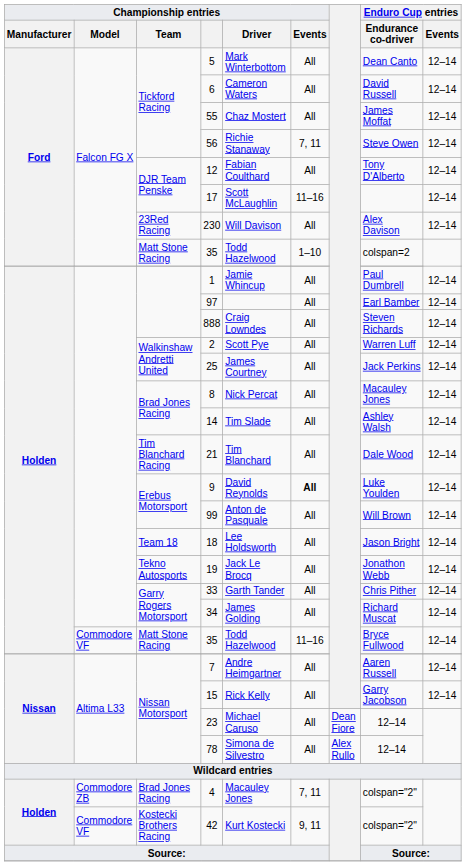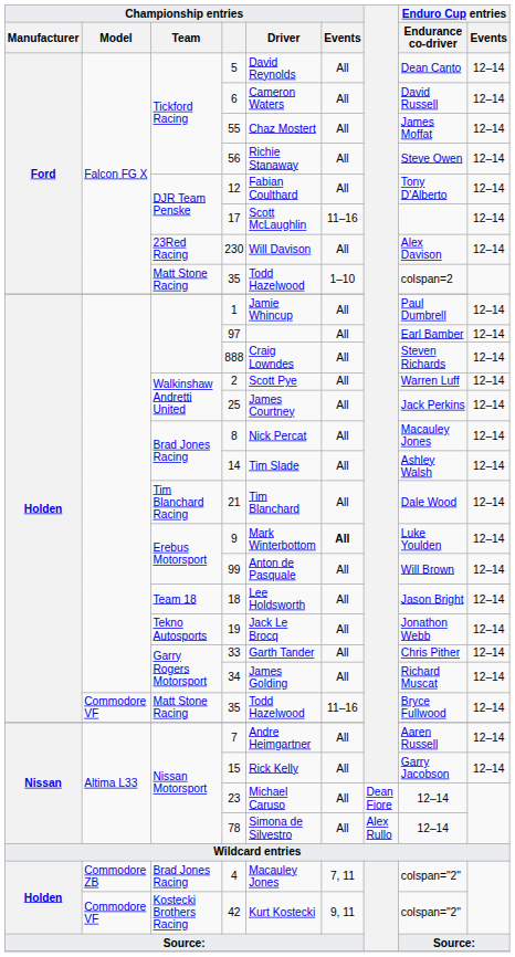 <table class="wikitable" style="font-size: 85%">
 <tr>
 <td style="background:#eaecf0; text-align:center;" colspan="6"><strong>Championship entries</strong></td>
 <th rowspan="29"></th>
 <th colspan="2"><a href='#'>Enduro Cup</a> entries</th>
 </tr>
 <tr>
 <th>Manufacturer</th>
 <th>Model</th>
 <th>Team</th>
 <th valign="middle"></th>
 <th>Driver</th>
 <th>Events</th>
 <th>Endurance co-driver</th>
 <th>Events</th>
 </tr>
 <tr>
 <th rowspan="8"><a href='#'>Ford</a></th>
 <td rowspan="8"><a href='#'>Falcon FG X</a></td>
 <td rowspan="4"><a href='#'>Tickford Racing</a></td>
 <td align="center">5</td>
-<td> <a href='#'>Mark Winterbottom</a></td>
+<td> <a href='#'>David Reynolds</a></td>
 <td align=center>All</td>
 <td> <a href='#'>Dean Canto</a></td>
 <td align=center>12–14</td>
 </tr>
 <tr>
 <td align="center">6</td>
 <td> <a href='#'>Cameron Waters</a></td>
 <td align=center>All</td>
 <td> <a href='#'>David Russell</a></td>
 <td align=center>12–14</td>
 </tr>
 <tr>
 <td align="center">55</td>
 <td> <a href='#'>Chaz Mostert</a></td>
 <td align=center>All</td>
 <td> <a href='#'>James Moffat</a></td>
 <td align=center>12–14</td>
 </tr>
 <tr>
 <td align="center">56</td>
 <td> <a href='#'>Richie Stanaway</a></td>
-<td align="center">7, 11</td>
+<td align=center>All</td>
 <td> <a href='#'>Steve Owen</a></td>
 <td align=center>12–14</td>
 </tr>
 <tr>
 <td rowspan="2"><a href='#'>DJR Team Penske</a></td>
 <td align="center">12</td>
 <td> <a href='#'>Fabian Coulthard</a></td>
 <td align=center>All</td>
 <td> <a href='#'>Tony D'Alberto</a></td>
 <td align=center>12–14</td>
 </tr>
 <tr>
 <td align="center">17</td>
 <td> <a href='#'>Scott McLaughlin</a></td>
 <td align=center>11–16</td>
 <td></td>
 <td align=center>12–14</td>
 </tr>
 <tr>
 <td><a href='#'>23Red Racing</a></td>
 <td align=center>230</td>
 <td> <a href='#'>Will Davison</a></td>
 <td align=center>All</td>
 <td> <a href='#'>Alex Davison</a></td>
 <td align=center>12–14</td>
 </tr>
 <tr>
 <td rowspan="1"><a href='#'>Matt Stone Racing</a></td>
 <td rowspan="1" align="center" id="35">35</td>
 <td rowspan="1"> <a href='#'>Todd Hazelwood</a></td>
 <td align=center>1–10</td>
 <td>colspan=2 </td>
 </tr>
 <tr>
 </tr>
 <tr>
 <th rowspan="15"><a href='#'>Holden</a></th>
 <td rowspan="14"></td>
 <td rowspan="3"></td>
 <td align="center">1</td>
 <td> <a href='#'>Jamie Whincup</a></td>
 <td align=center>All</td>
 <td> <a href='#'>Paul Dumbrell</a></td>
 <td align=center>12–14</td>
 </tr>
 <tr>
 <td align="center">97</td>
 <td></td>
 <td align=center>All</td>
 <td> <a href='#'>Earl Bamber</a></td>
 <td align=center>12–14</td>
 </tr>
 <tr>
 <td align="center">888</td>
 <td> <a href='#'>Craig Lowndes</a></td>
 <td align=center>All</td>
 <td> <a href='#'>Steven Richards</a></td>
 <td align=center>12–14</td>
 </tr>
 <tr>
 <td rowspan="2"><a href='#'>Walkinshaw Andretti United</a></td>
 <td align="center">2</td>
 <td> <a href='#'>Scott Pye</a></td>
 <td align=center>All</td>
 <td> <a href='#'>Warren Luff</a></td>
 <td align=center>12–14</td>
 </tr>
 <tr>
 <td align="center">25</td>
 <td> <a href='#'>James Courtney</a></td>
 <td align=center>All</td>
 <td> <a href='#'>Jack Perkins</a></td>
 <td align=center>12–14</td>
 </tr>
 <tr>
 <td rowspan="2"><a href='#'>Brad Jones Racing</a></td>
 <td align="center">8</td>
 <td> <a href='#'>Nick Percat</a></td>
 <td align=center>All</td>
 <td> <a href='#'>Macauley Jones</a></td>
 <td align=center>12–14</td>
 </tr>
 <tr>
 <td align="center">14</td>
 <td> <a href='#'>Tim Slade</a></td>
 <td align=center>All</td>
 <td> <a href='#'>Ashley Walsh</a></td>
 <td align=center>12–14</td>
 </tr>
 <tr>
 <td><a href='#'>Tim Blanchard Racing</a></td>
 <td align="center">21</td>
 <td> <a href='#'>Tim Blanchard</a></td>
 <td align=center>All</td>
 <td> <a href='#'>Dale Wood</a></td>
 <td align=center>12–14</td>
 </tr>
 <tr>
 <td rowspan="2"><a href='#'>Erebus Motorsport</a></td>
 <td align="center">9</td>
-<td> <a href='#'>David Reynolds</a></td>
+<td> <a href='#'>Mark Winterbottom</a></td>
 <td align=center><strong>All</strong></td>
 <td> <a href='#'>Luke Youlden</a></td>
 <td align=center>12–14</td>
 </tr>
 <tr>
 <td align="center">99</td>
 <td> <a href='#'>Anton de Pasquale</a></td>
 <td align=center>All</td>
 <td> <a href='#'>Will Brown</a></td>
 <td align=center>12–14</td>
 </tr>
 <tr>
 <td><a href='#'>Team 18</a></td>
 <td align="center">18</td>
 <td> <a href='#'>Lee Holdsworth</a></td>
 <td align=center>All</td>
 <td> <a href='#'>Jason Bright</a></td>
 <td align=center>12–14</td>
 </tr>
 <tr>
 <td><a href='#'>Tekno Autosports</a></td>
 <td align="center">19</td>
 <td> <a href='#'>Jack Le Brocq</a></td>
 <td align=center>All</td>
 <td> <a href='#'>Jonathon Webb</a></td>
 <td align=center>12–14</td>
 </tr>
 <tr>
 <td rowspan="2"><a href='#'>Garry Rogers Motorsport</a></td>
 <td align="center">33</td>
 <td> <a href='#'>Garth Tander</a></td>
 <td align=center>All</td>
 <td> <a href='#'>Chris Pither</a></td>
 <td align=center>12–14</td>
 </tr>
 <tr>
 <td align="center">34</td>
 <td> <a href='#'>James Golding</a></td>
 <td align=center>All</td>
 <td> <a href='#'>Richard Muscat</a></td>
 <td align=center>12–14</td>
 </tr>
 <tr>
 <td rowspan="1"><a href='#'>Commodore VF</a></td>
 <td rowspan="1"><a href='#'>Matt Stone Racing</a></td>
 <td rowspan="1" align="center" id="35">35</td>
 <td rowspan="1"> <a href='#'>Todd Hazelwood</a></td>
 <td align=center>11–16</td>
 <td> <a href='#'>Bryce Fullwood</a></td>
 <td align=center>12–14</td>
 </tr>
 <tr>
 </tr>
 <tr>
 <th rowspan="4"><a href='#'>Nissan</a></th>
 <td rowspan="4"><a href='#'>Altima L33</a></td>
 <td rowspan="4"><a href='#'>Nissan Motorsport</a></td>
 <td align="center">7</td>
 <td> <a href='#'>Andre Heimgartner</a></td>
 <td align=center>All</td>
 <td> <a href='#'>Aaren Russell</a></td>
 <td align=center>12–14</td>
 </tr>
 <tr>
 <td align="center">15</td>
 <td> <a href='#'>Rick Kelly</a></td>
 <td align=center>All</td>
 <td> <a href='#'>Garry Jacobson</a></td>
 <td align=center>12–14</td>
 </tr>
 <tr>
 <td align="center">23</td>
 <td> <a href='#'>Michael Caruso</a></td>
 <td align=center>All</td>
 <td> <a href='#'>Dean Fiore</a></td>
 <td align=center>12–14</td>
 </tr>
 <tr>
 <td align="center">78</td>
 <td> <a href='#'>Simona de Silvestro</a></td>
 <td align=center>All</td>
 <td> <a href='#'>Alex Rullo</a></td>
 <td align=center>12–14</td>
 </tr>
 <tr>
 <td colspan="9" style="background:#eaecf0; text-align:center;"><strong>Wildcard entries</strong></td>
 </tr>
 <tr>
 <th rowspan="2"><a href='#'>Holden</a></th>
 <td><a href='#'>Commodore ZB</a></td>
 <td><a href='#'>Brad Jones Racing</a></td>
 <td align="center">4</td>
 <td> <a href='#'>Macauley Jones</a></td>
 <td align="center">7, 11</td>
 <th rowspan="3"></th>
 <td>colspan="2" </td>
 </tr>
 <tr>
 <td><a href='#'>Commodore VF</a></td>
 <td><a href='#'>Kostecki Brothers Racing</a></td>
 <td align="center">42</td>
 <td> <a href='#'>Kurt Kostecki</a></td>
 <td align="center">9, 11</td>
 <td>colspan="2" </td>
 </tr>
 <tr>
 <td style="background:#eaecf0; text-align:center;" colspan="6"><strong>Source:</strong></td>
 <td style="background:#eaecf0; text-align:center;" colspan="2"><strong>Source:</strong></td>
 </tr>
 <tr>
 </tr>
 </table>
